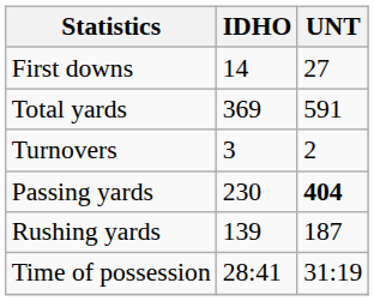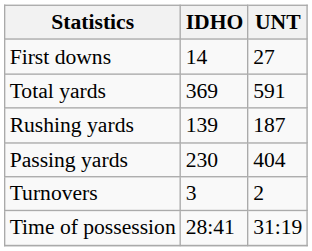 <table class="wikitable" style="float: left;">
 <tr>
 <th>Statistics</th>
 <th>IDHO</th>
 <th>UNT</th>
 </tr>
 <tr>
 <td>First downs</td>
 <td>14</td>
 <td>27</td>
 </tr>
 <tr>
 <td>Total yards</td>
 <td>369</td>
 <td>591</td>
 </tr>
 <tr>
-<td>Turnovers</td>
-<td>3</td>
-<td>2</td>
+<td>Rushing yards</td>
+<td>139</td>
+<td>187</td>
 </tr>
 <tr>
 <td>Passing yards</td>
 <td>230</td>
-<td><strong>404</strong></td>
+<td>404</td>
 </tr>
 <tr>
-<td>Rushing yards</td>
-<td>139</td>
-<td>187</td>
+<td>Turnovers</td>
+<td>3</td>
+<td>2</td>
 </tr>
 <tr>
 <td>Time of possession</td>
 <td>28:41</td>
 <td>31:19</td>
 </tr>
 <tr>
 </tr>
 </table>
